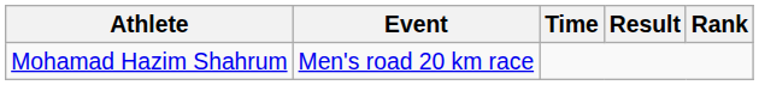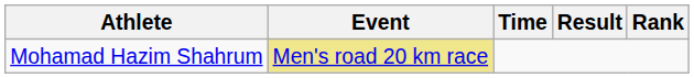 <table class=wikitable style="font-size:90%; text-align:center">
 <tr>
 <th>Athlete</th>
 <th>Event</th>
 <th>Time</th>
 <th>Result</th>
 <th>Rank</th>
 </tr>
 <tr>
 <td align=left><a href='#'>Mohamad Hazim Shahrum</a></td>
-<td><a href='#'>Men's road 20 km race</a></td>
+<td style="background: khaki;"><a href='#'>Men's road 20 km race</a></td>
 <td colspan="3"><strong></strong></td>
 </tr>
 </table>
